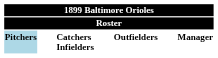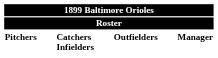 <table class="toccolours" style="font-size: 95%;">
 <tr>
 <th colspan="10" style="background-color: black; color: white; text-align: center;">1899 Baltimore Orioles</th>
 </tr>
 <tr>
 <td colspan="10" style="background-color:black; color: white; text-align: center;"><strong>Roster</strong></td>
 </tr>
 <tr>
-<td valign="top" style="background: lightblue;"><strong>Pitchers</strong><br>      </td>
+<td valign="top"><strong>Pitchers</strong><br>      </td>
 <td width="25px"></td>
 <td valign="top"><strong>Catchers</strong><br>   <strong>Infielders</strong>          </td>
 <td width="25px"></td>
 <td valign="top"><strong>Outfielders</strong><br>   </td>
 <td width="25px"></td>
 <td valign="top"><strong>Manager</strong><br></td>
 </tr>
 </table>
